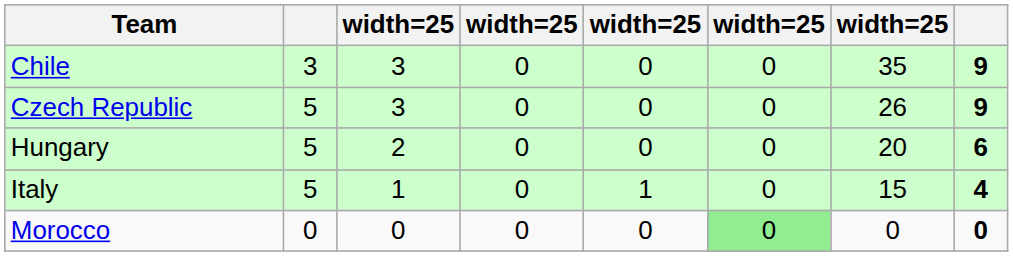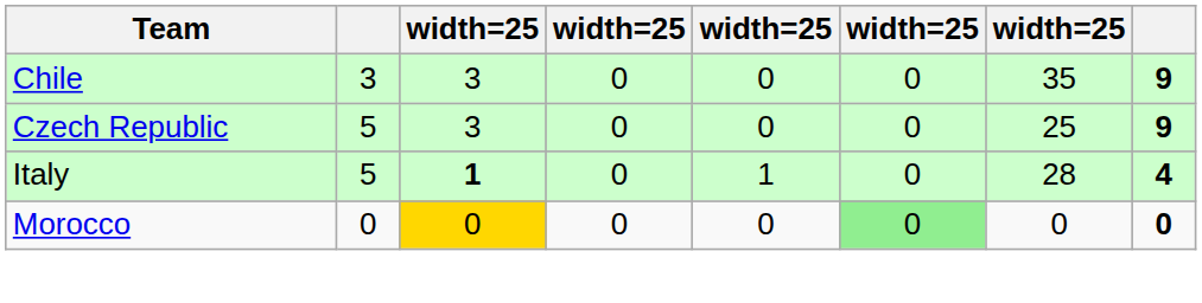 <table class="wikitable sortable" style="text-align: center; ">
 <tr>
 <th width=165>Team</th>
 <th width=25></th>
 <th>width=25</th>
 <th>width=25</th>
 <th>width=25</th>
 <th>width=25</th>
 <th>width=25</th>
 <th width=25></th>
 </tr>
 <tr style="background:#ccffcc;">
 <td style="text-align:left;"> <a href='#'>Chile</a></td>
 <td>3</td>
 <td>3</td>
 <td>0</td>
 <td>0</td>
 <td>0</td>
 <td>35</td>
 <td><strong>9</strong></td>
 </tr>
 <tr style="background:#ccffcc;">
 <td style="text-align:left;"> <a href='#'>Czech Republic</a></td>
 <td>5</td>
 <td>3</td>
 <td>0</td>
 <td>0</td>
 <td>0</td>
-<td>26</td>
+<td>25</td>
 <td><strong>9</strong></td>
-</tr>
-<tr style="background:#ccffcc;">
-<td style="text-align:left;"> Hungary</td>
-<td>5</td>
-<td>2</td>
-<td>0</td>
-<td>0</td>
-<td>0</td>
-<td>20</td>
-<td><strong>6</strong></td>
 </tr>
 <tr style="background:#ccffcc;">
 <td style="text-align:left;"> Italy</td>
 <td>5</td>
-<td>1</td>
+<td><strong>1</strong></td>
 <td>0</td>
 <td>1</td>
 <td>0</td>
-<td>15</td>
+<td>28</td>
 <td><strong>4</strong></td>
 </tr>
 <tr>
 <td style="text-align:left;"> <a href='#'>Morocco</a></td>
 <td>0</td>
-<td>0</td>
+<td style="background: gold;">0</td>
 <td>0</td>
 <td>0</td>
 <td style="background: lightgreen;">0</td>
 <td>0</td>
 <td><strong>0</strong></td>
 </tr>
 </table>
